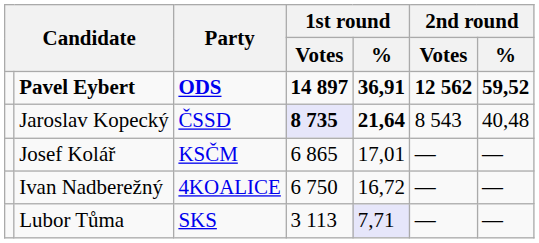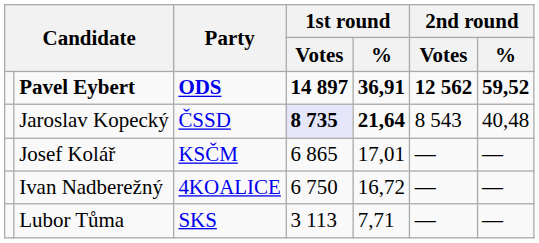 <table class="wikitable sortable">
 <tr>
 <th colspan="2" rowspan="2">Candidate</th>
 <th rowspan="2">Party</th>
 <th colspan="2">1st round</th>
 <th colspan="2">2nd round</th>
 </tr>
 <tr>
 <th>Votes</th>
 <th>%</th>
 <th>Votes</th>
 <th>%</th>
 </tr>
 <tr>
 <td style="background-color:"></td>
 <td><strong>Pavel Eybert</strong></td>
 <td><a href='#'><strong>ODS</strong></a></td>
 <td><strong>14 897</strong></td>
 <td><strong>36,91</strong></td>
 <td><strong>12 562</strong></td>
 <td><strong>59,52</strong></td>
 </tr>
 <tr>
 <td style="background-color:"></td>
 <td>Jaroslav Kopecký</td>
 <td><a href='#'>ČSSD</a></td>
 <td style="background: lavender;"><strong>8 735</strong></td>
 <td><strong>21,64</strong></td>
 <td>8 543</td>
 <td>40,48</td>
 </tr>
 <tr>
 <td style="background-color:"></td>
 <td>Josef Kolář</td>
 <td><a href='#'>KSČM</a></td>
 <td>6 865</td>
 <td>17,01</td>
 <td>—</td>
 <td>—</td>
 </tr>
 <tr>
 <td style="background-color:"></td>
 <td>Ivan Nadberežný</td>
 <td><a href='#'>4KOALICE</a></td>
 <td>6 750</td>
 <td>16,72</td>
 <td>—</td>
 <td>—</td>
 </tr>
 <tr>
 <td style="background-color:"></td>
 <td>Lubor Tůma</td>
 <td><a href='#'>SKS</a></td>
 <td>3 113</td>
-<td style="background: lavender;">7,71</td>
+<td>7,71</td>
 <td>—</td>
 <td>—</td>
 </tr>
 </table>
